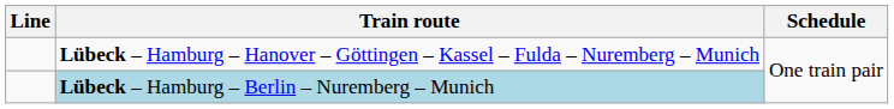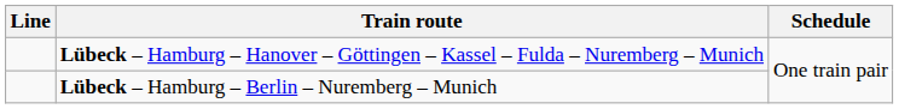 <table class="wikitable" style="clear:both">
 <tr class="hintergrundfarbe6">
 <th>Line</th>
 <th>Train route</th>
 <th>Schedule</th>
 </tr>
 <tr>
 <td></td>
 <td><strong>Lübeck</strong> – <a href='#'>Hamburg</a> – <a href='#'>Hanover</a> – <a href='#'>Göttingen</a> – <a href='#'>Kassel</a> – <a href='#'>Fulda</a> – <a href='#'>Nuremberg</a> – <a href='#'>Munich</a></td>
 <td rowspan=2>One train pair</td>
 </tr>
 <tr>
 <td></td>
-<td style="background: lightblue;"><strong>Lübeck</strong> – Hamburg – <a href='#'>Berlin</a> – Nuremberg – Munich</td>
+<td><strong>Lübeck</strong> – Hamburg – <a href='#'>Berlin</a> – Nuremberg – Munich</td>
 </tr>
 </table>
